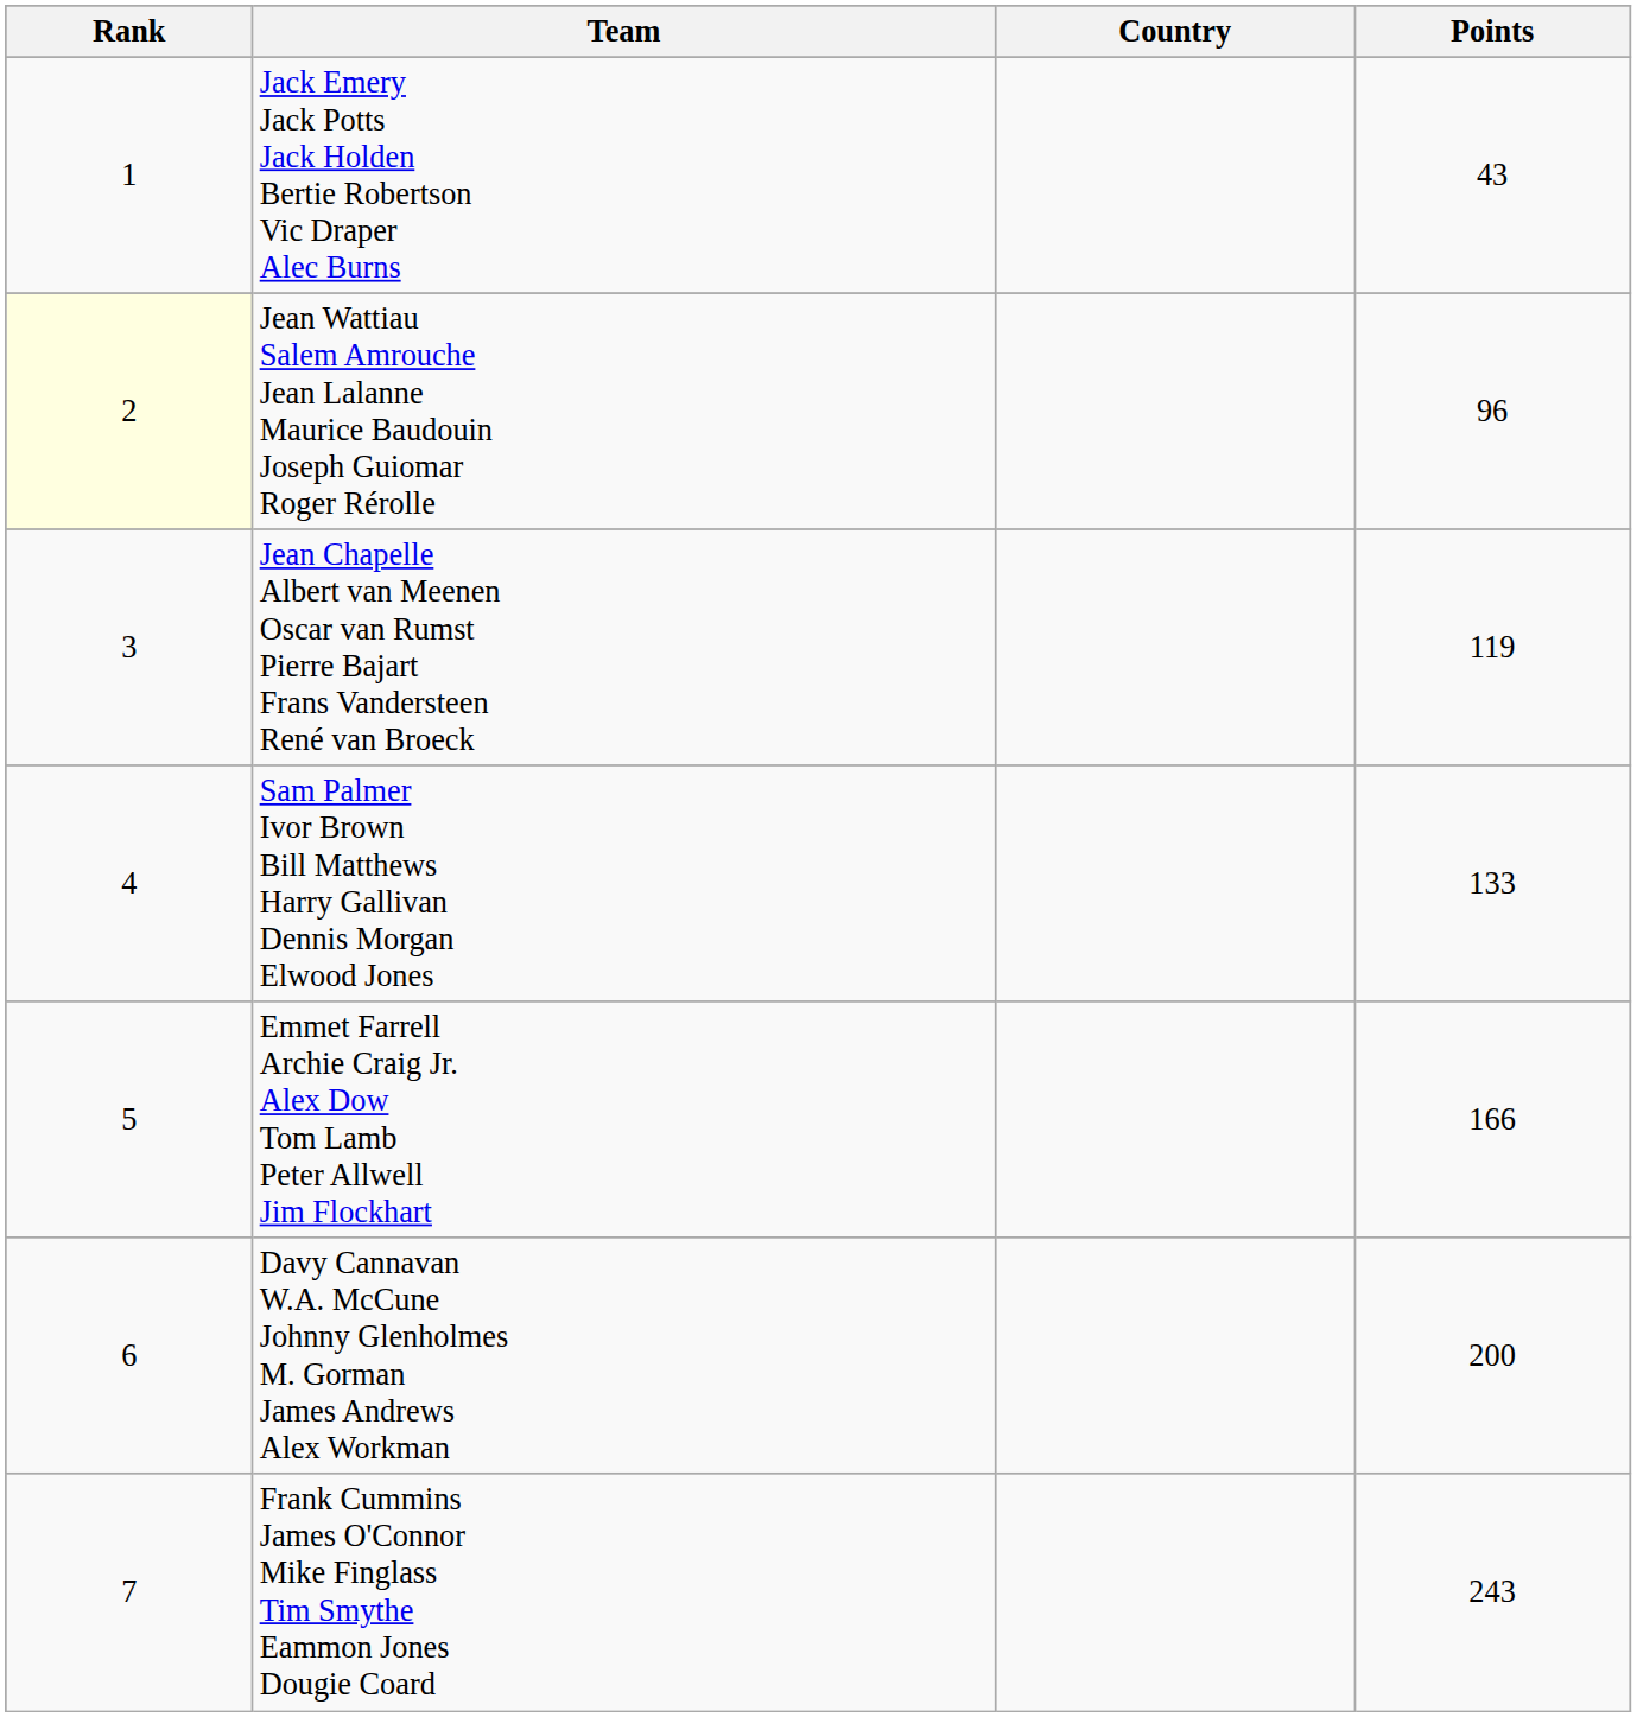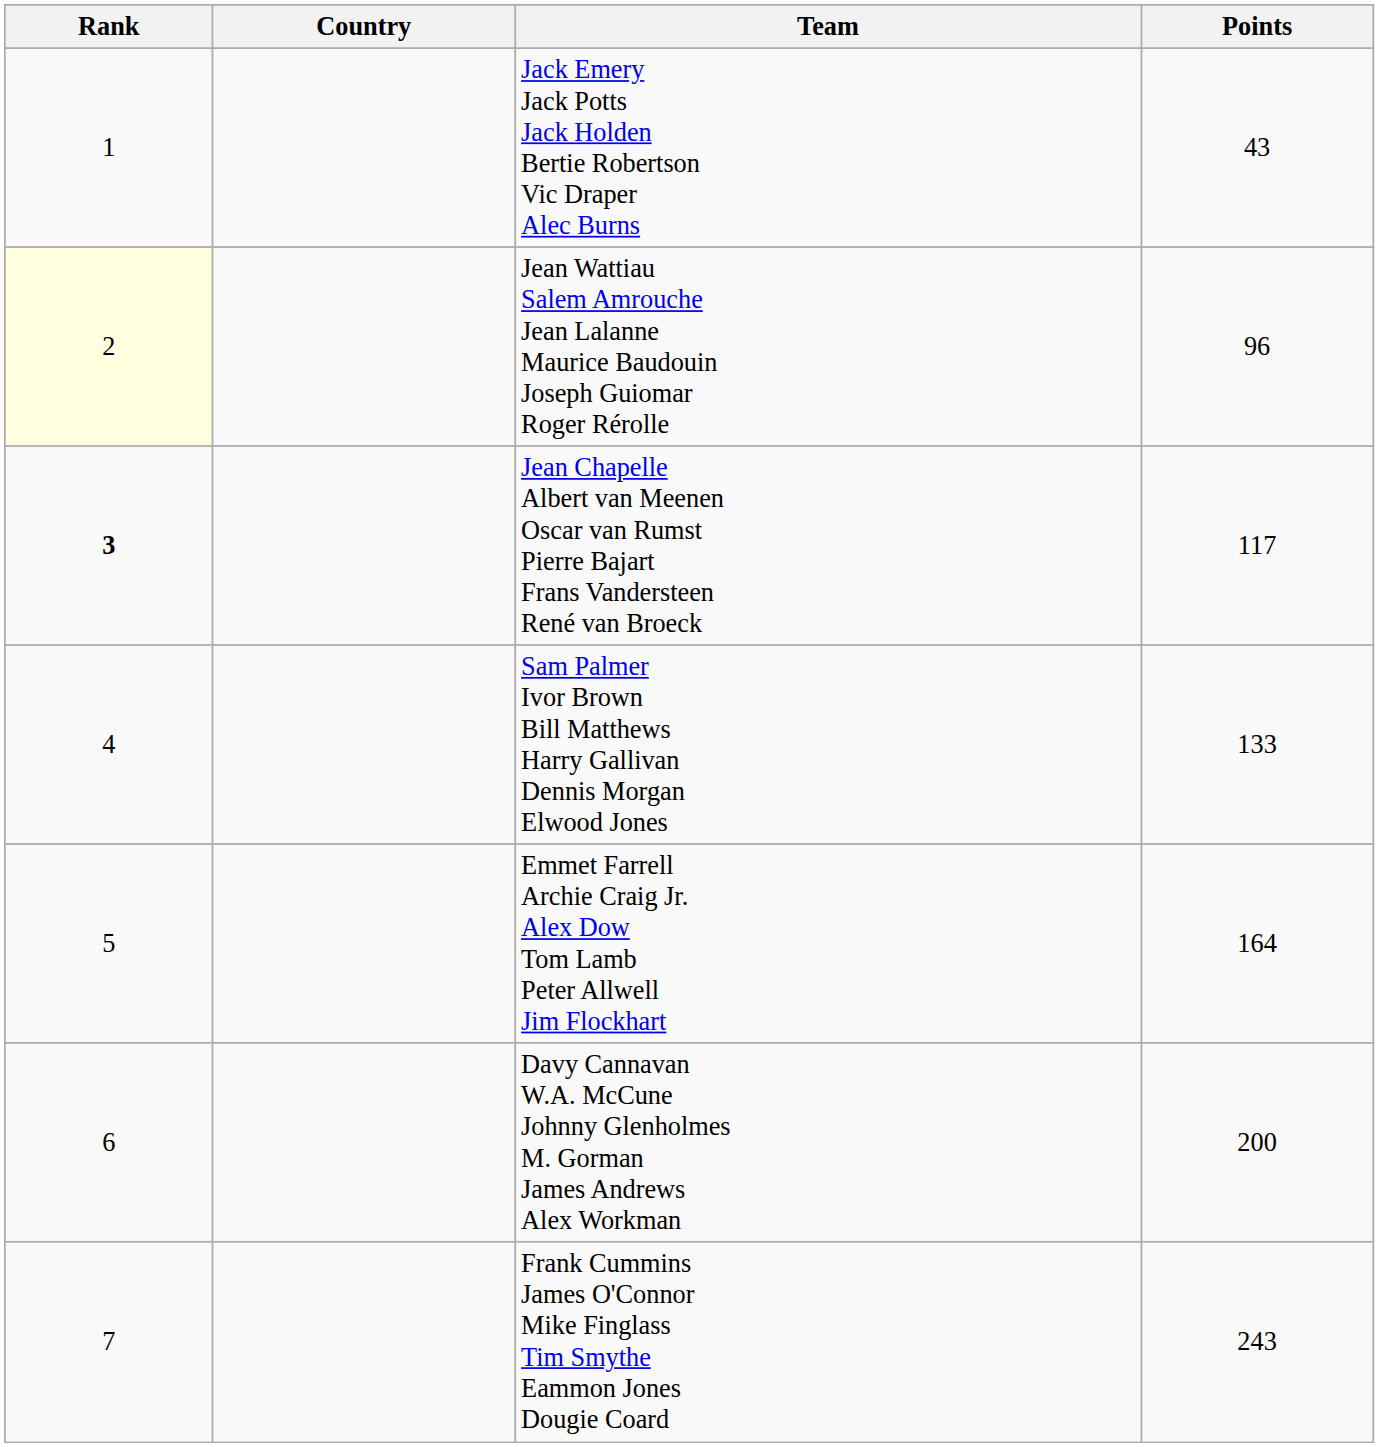 <table class="wikitable sortable" style=" text-align:center; font-size:95%;" width="50%">
 <tr>
 <th>Rank</th>
+<th>Country</th>
 <th>Team</th>
-<th>Country</th>
 <th>Points</th>
 </tr>
 <tr>
 <td align=center>1</td>
+<td align=left></td>
 <td align=left><a href='#'>Jack Emery</a><br>Jack Potts<br><a href='#'>Jack Holden</a><br>Bertie Robertson<br>Vic Draper<br><a href='#'>Alec Burns</a></td>
-<td align=left></td>
 <td>43</td>
 </tr>
 <tr>
 <td align=center style="background: lightyellow;">2</td>
+<td align=left></td>
 <td align=left>Jean Wattiau<br><a href='#'>Salem Amrouche</a><br>Jean Lalanne<br>Maurice Baudouin<br>Joseph Guiomar<br>Roger Rérolle</td>
-<td align=left></td>
 <td>96</td>
 </tr>
 <tr>
-<td align=center>3</td>
+<td align=center><strong>3</strong></td>
+<td align=left></td>
 <td align=left><a href='#'>Jean Chapelle</a><br>Albert van Meenen<br>Oscar van Rumst<br>Pierre Bajart<br>Frans Vandersteen<br>René van Broeck</td>
-<td align=left></td>
-<td>119</td>
+<td>117</td>
 </tr>
 <tr>
 <td align=center>4</td>
+<td align=left></td>
 <td align=left><a href='#'>Sam Palmer</a><br>Ivor Brown<br>Bill Matthews<br>Harry Gallivan<br>Dennis Morgan<br>Elwood Jones</td>
-<td align=left></td>
 <td>133</td>
 </tr>
 <tr>
 <td align=center>5</td>
+<td align=left></td>
 <td align=left>Emmet Farrell<br>Archie Craig Jr.<br><a href='#'>Alex Dow</a><br>Tom Lamb<br>Peter Allwell<br><a href='#'>Jim Flockhart</a></td>
-<td align=left></td>
-<td>166</td>
+<td>164</td>
 </tr>
 <tr>
 <td align=center>6</td>
+<td align=left></td>
 <td align=left>Davy Cannavan<br>W.A. McCune<br>Johnny Glenholmes<br>M. Gorman<br>James Andrews<br>Alex Workman</td>
-<td align=left></td>
 <td>200</td>
 </tr>
 <tr>
 <td align=center>7</td>
+<td align=left></td>
 <td align=left>Frank Cummins<br>James O'Connor<br>Mike Finglass<br><a href='#'>Tim Smythe</a><br>Eammon Jones<br>Dougie Coard</td>
-<td align=left></td>
 <td>243</td>
 </tr>
 </table>
